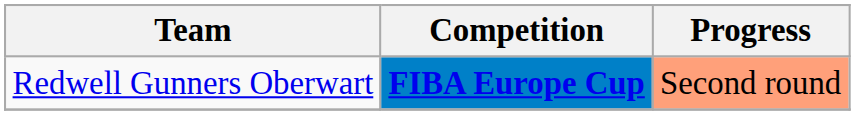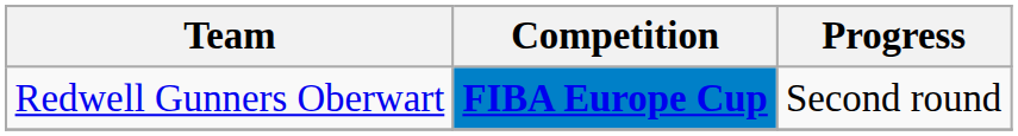 <table class="wikitable sortable">
 <tr>
 <th>Team</th>
 <th>Competition</th>
 <th>Progress</th>
 </tr>
 <tr>
 <td><a href='#'>Redwell Gunners Oberwart</a></td>
 <td style="background-color:#0080C8;color:white;text-align:center"><strong><span><a href='#'>FIBA Europe Cup</a></span></strong></td>
-<td style="background: lightsalmon;">Second round</td>
+<td>Second round</td>
 </tr>
 <tr>
 </tr>
 </table>
